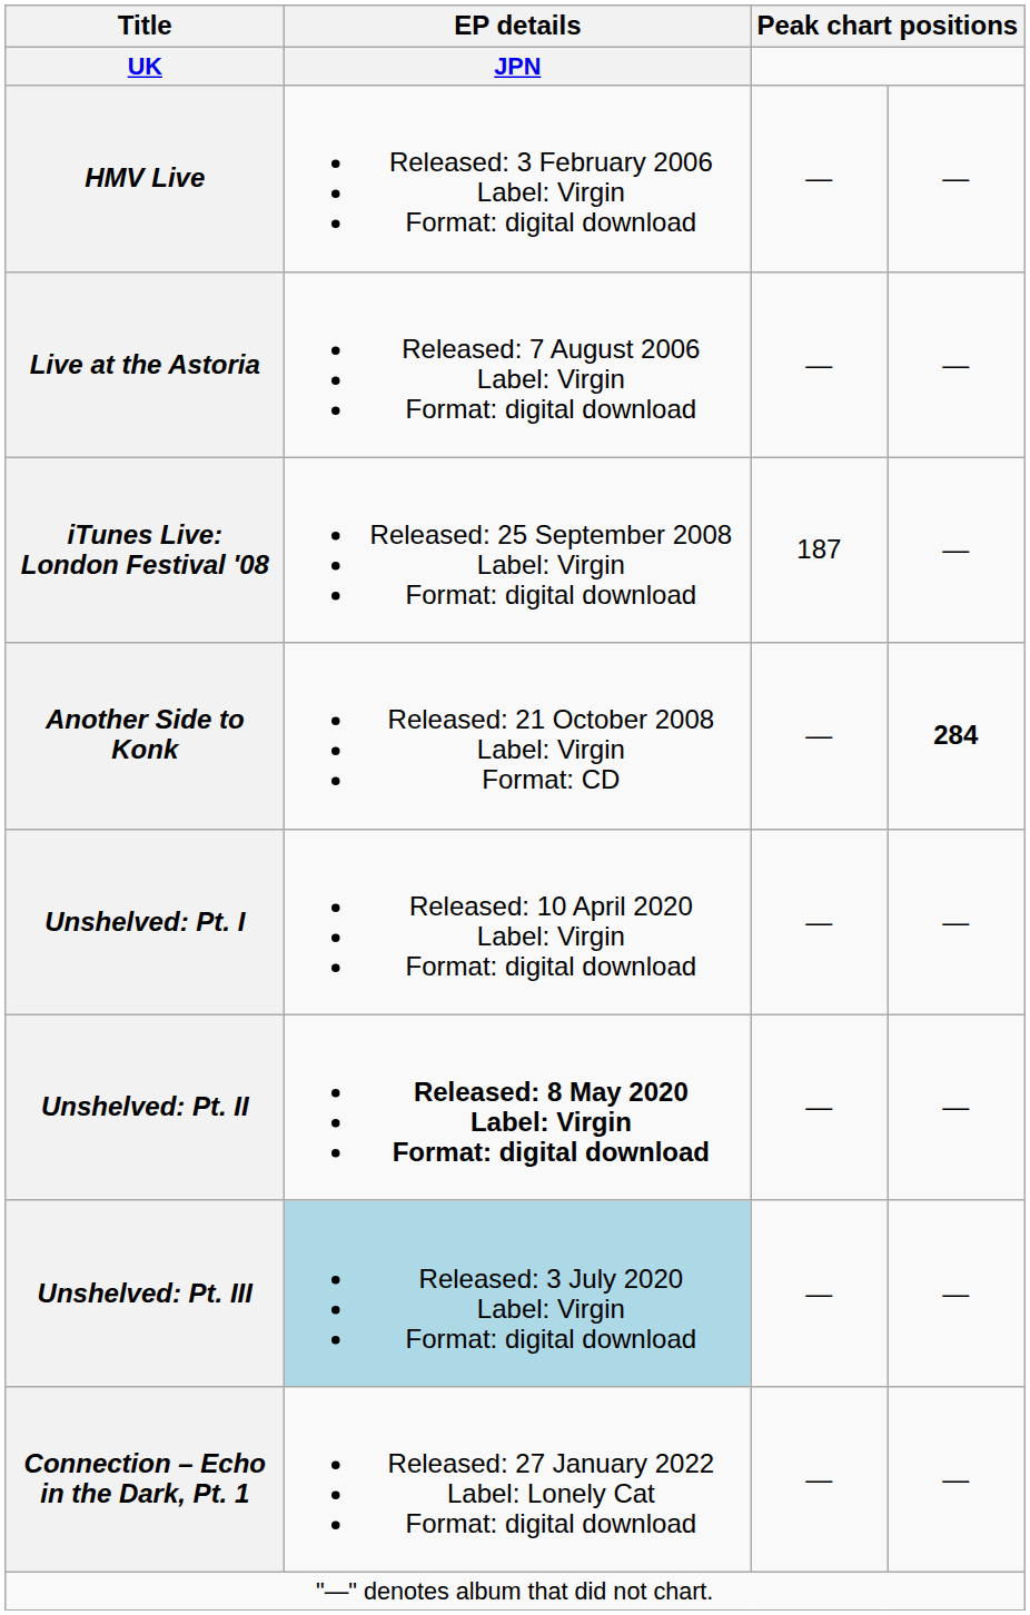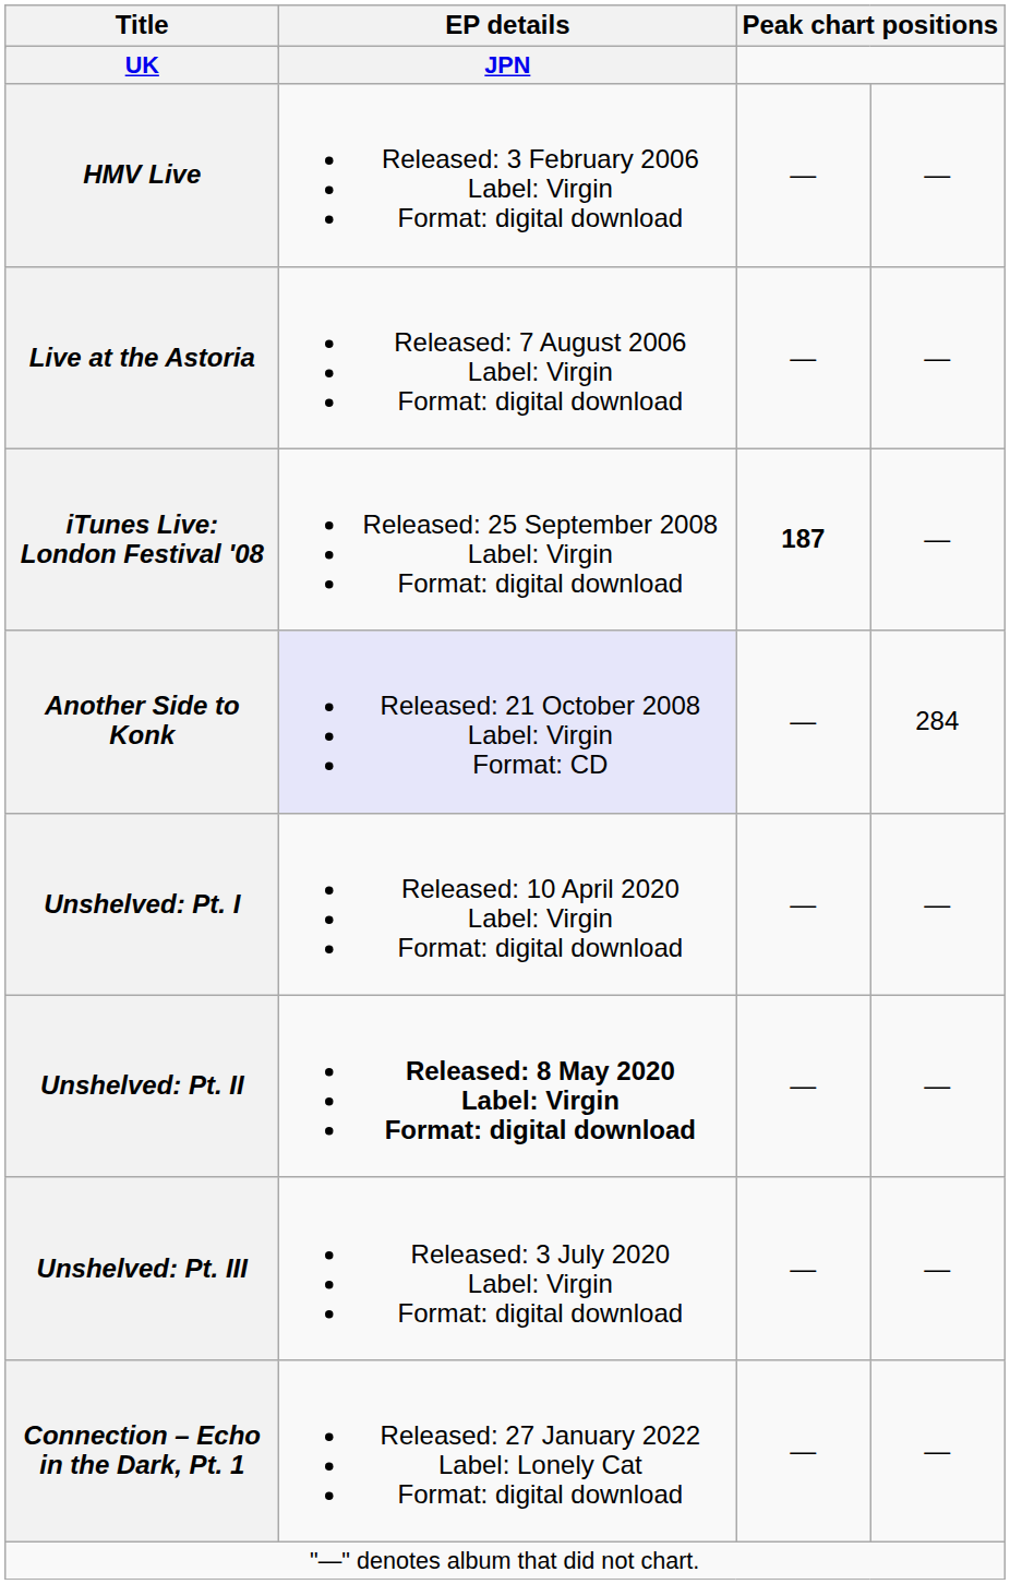 <table class="wikitable plainrowheaders" style="text-align:center;">
 <tr>
 <th scope="col" rowspan="2" style="width:10em;">Title</th>
 <th scope="col" rowspan="2" style="width:17em;">EP details</th>
 <th scope="col" colspan="4">Peak chart positions</th>
 </tr>
 <tr>
 </tr>
 <tr>
 <th scope="col" style="width:3em;font-size:90%;"><a href='#'>UK</a><br></th>
 <th scope="col" style="width:3em;font-size:90%;"><a href='#'>JPN</a><br></th>
 </tr>
 <tr>
 <th scope="row"><em>HMV Live</em></th>
 <td><br><ul><li>Released: 3 February 2006</li><li>Label: Virgin</li><li>Format: digital download</li></ul></td>
 <td>—</td>
 <td>—</td>
 </tr>
 <tr>
 <th scope="row"><em>Live at the Astoria</em></th>
 <td><br><ul><li>Released: 7 August 2006</li><li>Label: Virgin</li><li>Format: digital download</li></ul></td>
 <td>—</td>
 <td>—</td>
 </tr>
 <tr>
 <th scope="row"><em>iTunes Live:<br>London Festival '08</em></th>
 <td><br><ul><li>Released: 25 September 2008</li><li>Label: Virgin</li><li>Format: digital download</li></ul></td>
-<td>187</td>
+<td><strong>187</strong></td>
 <td>—</td>
 </tr>
 <tr>
 <th scope="row"><em>Another Side to Konk</em></th>
-<td><br><ul><li>Released: 21 October 2008</li><li>Label: Virgin</li><li>Format: CD</li></ul></td>
+<td style="background: lavender;"><br><ul><li>Released: 21 October 2008</li><li>Label: Virgin</li><li>Format: CD</li></ul></td>
 <td>—</td>
-<td><strong>284</strong></td>
+<td>284</td>
 </tr>
 <tr>
 <th scope="row"><em>Unshelved: Pt. I</em></th>
 <td><br><ul><li>Released: 10 April 2020</li><li>Label: Virgin</li><li>Format: digital download</li></ul></td>
 <td>—</td>
 <td>—</td>
 </tr>
 <tr>
 <th scope="row"><em>Unshelved: Pt. II</em></th>
 <td><strong><br><ul><li>Released: 8 May 2020</li><li>Label: Virgin</li><li>Format: digital download</li></ul></strong></td>
 <td>—</td>
 <td>—</td>
 </tr>
 <tr>
 <th scope="row"><em>Unshelved: Pt. III</em></th>
-<td style="background: lightblue;"><br><ul><li>Released: 3 July 2020</li><li>Label: Virgin</li><li>Format: digital download</li></ul></td>
+<td><br><ul><li>Released: 3 July 2020</li><li>Label: Virgin</li><li>Format: digital download</li></ul></td>
 <td>—</td>
 <td>—</td>
 </tr>
 <tr>
 <th scope="row"><em>Connection – Echo in the Dark, Pt. 1</em></th>
 <td><br><ul><li>Released: 27 January 2022</li><li>Label: Lonely Cat</li><li>Format: digital download</li></ul></td>
 <td>—</td>
 <td>—</td>
 </tr>
 <tr>
 <td colspan="4" style="font-size:90%">"—" denotes album that did not chart.</td>
 </tr>
 </table>
